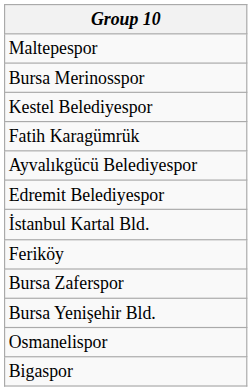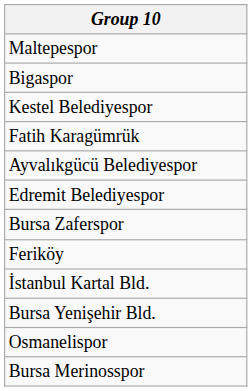 <table class="wikitable collapsible collapsed" style="font-size:95%;">
 <tr>
 <th colspan="1" width="200"><em>Group 10</em></th>
 </tr>
 <tr>
 <td>Maltepespor</td>
 </tr>
 <tr>
-<td>Bursa Merinosspor</td>
+<td>Bigaspor</td>
 </tr>
 <tr>
 <td>Kestel Belediyespor</td>
 </tr>
 <tr>
 <td>Fatih Karagümrük</td>
 </tr>
 <tr>
 <td>Ayvalıkgücü Belediyespor</td>
 </tr>
 <tr>
 <td>Edremit Belediyespor</td>
 </tr>
 <tr>
-<td>İstanbul Kartal Bld.</td>
+<td>Bursa Zaferspor</td>
 </tr>
 <tr>
 <td>Feriköy</td>
 </tr>
 <tr>
-<td>Bursa Zaferspor</td>
+<td>İstanbul Kartal Bld.</td>
 </tr>
 <tr>
 <td>Bursa Yenişehir Bld.</td>
 </tr>
 <tr>
 <td>Osmanelispor</td>
 </tr>
 <tr>
-<td>Bigaspor</td>
+<td>Bursa Merinosspor</td>
 </tr>
 </table>
